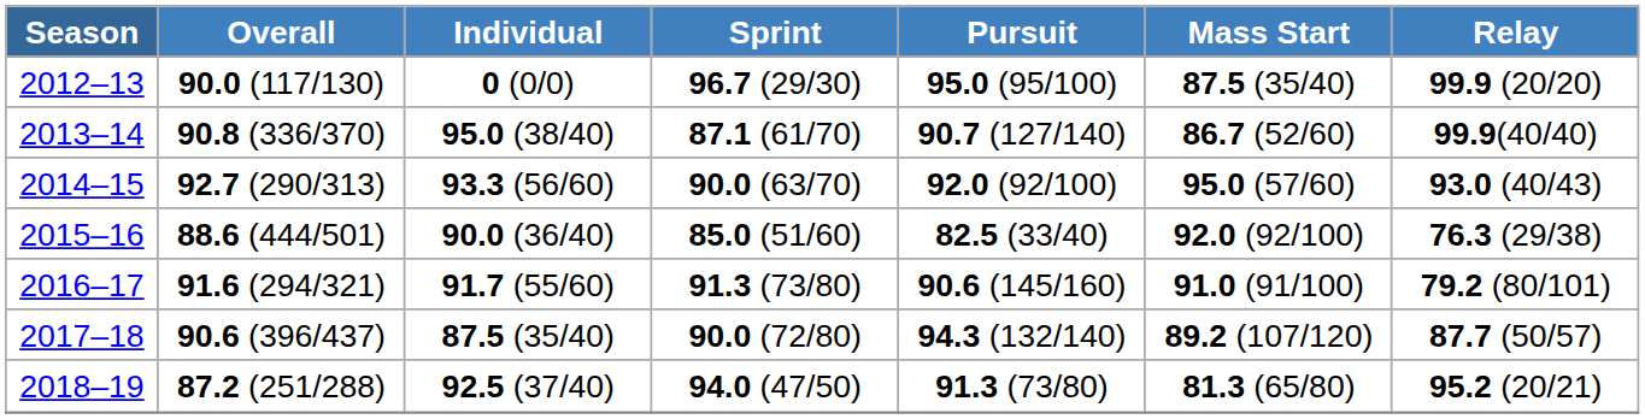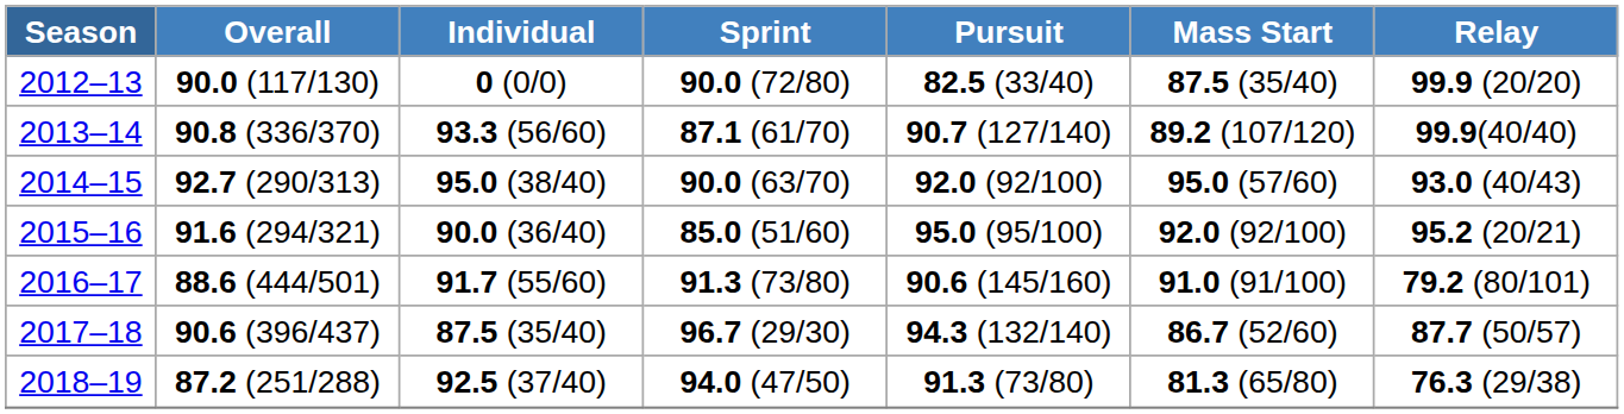 <table class="wikitable" style="font-size:95%; text-align:center; border:grey solid 1px; border-collapse:collapse; background:#ffffff;">
 <tr class="hintergrundfarbe5">
 <td style="background-color:#369; color:white; width:65px"><strong>Season</strong></td>
 <td style="background-color:#4180be; color:white; width:110px;"><strong>Overall</strong></td>
 <td style="background-color:#4180be; color:white; width:110px;"><strong>Individual</strong></td>
 <td style="background-color:#4180be; color:white; width:110px;"><strong>Sprint</strong></td>
 <td style="background-color:#4180be; color:white; width:110px;"><strong>Pursuit</strong></td>
 <td style="background-color:#4180be; color:white; width:110px;"><strong>Mass Start</strong></td>
 <td style="background-color:#4180be; color:white; width:110px;"><strong>Relay</strong></td>
 </tr>
 <tr>
 <td><a href='#'>2012–13</a></td>
 <td><strong>90.0</strong> (117/130)</td>
 <td><strong>0</strong>    (0/0)</td>
-<td><strong>96.7</strong> (29/30)</td>
-<td><strong>95.0</strong> (95/100)</td>
+<td><strong>90.0</strong> (72/80)</td>
+<td><strong>82.5</strong> (33/40)</td>
 <td><strong>87.5</strong> (35/40)</td>
 <td><strong>99.9</strong> (20/20)</td>
 </tr>
 <tr>
 <td><a href='#'>2013–14</a></td>
 <td><strong>90.8</strong> (336/370)</td>
-<td><strong>95.0</strong> (38/40)</td>
+<td><strong>93.3</strong> (56/60)</td>
 <td><strong>87.1</strong> (61/70)</td>
 <td><strong>90.7</strong> (127/140)</td>
-<td><strong>86.7</strong> (52/60)</td>
+<td><strong>89.2</strong> (107/120)</td>
 <td><strong>99.9</strong>(40/40)</td>
 </tr>
 <tr>
 <td><a href='#'>2014–15</a></td>
 <td><strong>92.7</strong> (290/313)</td>
-<td><strong>93.3</strong> (56/60)</td>
+<td><strong>95.0</strong> (38/40)</td>
 <td><strong>90.0</strong> (63/70)</td>
 <td><strong>92.0</strong> (92/100)</td>
 <td><strong>95.0</strong> (57/60)</td>
 <td><strong>93.0</strong> (40/43)</td>
 </tr>
 <tr>
 <td><a href='#'>2015–16</a></td>
-<td><strong>88.6</strong> (444/501)</td>
+<td><strong>91.6</strong> (294/321)</td>
 <td><strong>90.0</strong> (36/40)</td>
 <td><strong>85.0</strong> (51/60)</td>
-<td><strong>82.5</strong> (33/40)</td>
+<td><strong>95.0</strong> (95/100)</td>
 <td><strong>92.0</strong> (92/100)</td>
-<td><strong>76.3</strong> (29/38)</td>
+<td><strong>95.2</strong> (20/21)</td>
 </tr>
 <tr>
 <td><a href='#'>2016–17</a></td>
-<td><strong>91.6</strong> (294/321)</td>
+<td><strong>88.6</strong> (444/501)</td>
 <td><strong>91.7</strong> (55/60)</td>
 <td><strong>91.3</strong> (73/80)</td>
 <td><strong>90.6</strong> (145/160)</td>
 <td><strong>91.0</strong> (91/100)</td>
 <td><strong>79.2</strong> (80/101)</td>
 </tr>
 <tr>
 <td><a href='#'>2017–18</a></td>
 <td><strong>90.6</strong> (396/437)</td>
 <td><strong>87.5</strong> (35/40)</td>
-<td><strong>90.0</strong> (72/80)</td>
+<td><strong>96.7</strong> (29/30)</td>
 <td><strong>94.3</strong> (132/140)</td>
-<td><strong>89.2</strong> (107/120)</td>
+<td><strong>86.7</strong> (52/60)</td>
 <td><strong>87.7</strong> (50/57)</td>
 </tr>
 <tr 87.2 (251/288)	92.5 (37/40)	94.0 (47/50)	91.3 (73/80)	81.3 (65/80)	76.3 (29/38)>
 <td><a href='#'>2018–19</a></td>
 <td><strong>87.2</strong> (251/288)</td>
 <td><strong>92.5</strong> (37/40)</td>
 <td><strong>94.0</strong> (47/50)</td>
 <td><strong>91.3</strong> (73/80)</td>
 <td><strong>81.3</strong> (65/80)</td>
-<td><strong>95.2</strong> (20/21)</td>
+<td><strong>76.3</strong> (29/38)</td>
 </tr>
 <tr>
 </tr>
 </table>
